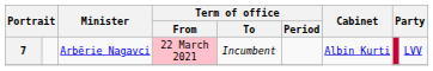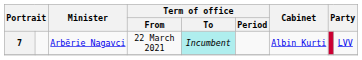 <table class="wikitable" style="text-align:center">
 <tr>
 <th rowspan="2" colspan="2">Portrait</th>
 <th rowspan="2">Minister</th>
 <th colspan="3">Term of office</th>
 <th rowspan="2" colspan="1">Cabinet</th>
 <th rowspan="2" colspan="2">Party</th>
 </tr>
 <tr>
 <th style="width:6em">From</th>
 <th style="width:6em">To</th>
 <th>Period</th>
 </tr>
 <tr>
 <th rowspan="1">7</th>
 <td></td>
 <td><a href='#'>Arbërie Nagavci</a></td>
-<td style="background: pink;">22 March 2021</td>
-<td><em>Incumbent</em></td>
+<td>22 March 2021</td>
+<td style="background: paleturquoise;"><em>Incumbent</em></td>
 <td></td>
 <td rowspan="2"><a href='#'>Albin Kurti</a></td>
 <td style="background:#CC0033"></td>
 <td><a href='#'>LVV</a></td>
 </tr>
 <tr>
 </tr>
 </table>
